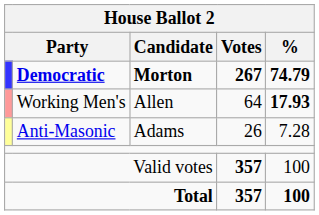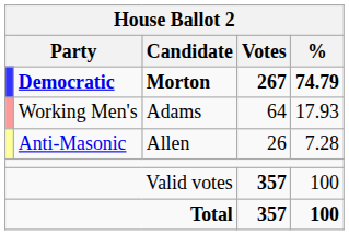 <table class=wikitable style=text-align:right>
 <tr>
 <th colspan="5">House Ballot 2</th>
 </tr>
 <tr>
 <th colspan=2>Party</th>
 <th>Candidate</th>
 <th>Votes</th>
 <th>%</th>
 </tr>
 <tr>
 <td bgcolor=#3333FF></td>
 <td align=left><strong><a href='#'>Democratic</a></strong></td>
 <td align=left><strong>Morton</strong></td>
 <td><strong>267</strong></td>
 <td><strong>74.79</strong></td>
 </tr>
 <tr>
 <td bgcolor=#ff9999></td>
 <td align=left>Working Men's</td>
-<td align=left>Allen</td>
+<td align=left>Adams</td>
 <td>64</td>
-<td><strong>17.93</strong></td>
+<td>17.93</td>
 </tr>
 <tr>
 <td bgcolor=#FFFF99></td>
 <td align=left><a href='#'>Anti-Masonic</a></td>
-<td align=left>Adams</td>
+<td align=left>Allen</td>
 <td>26</td>
 <td>7.28</td>
 </tr>
 <tr>
 <td colspan=12></td>
 </tr>
 <tr>
 <td colspan=3>Valid votes</td>
 <td><strong>357</strong></td>
 <td>100</td>
 </tr>
 <tr>
 <td colspan=3><strong>Total</strong></td>
 <td><strong>357</strong></td>
 <td><strong>100</strong></td>
 </tr>
 </table>
